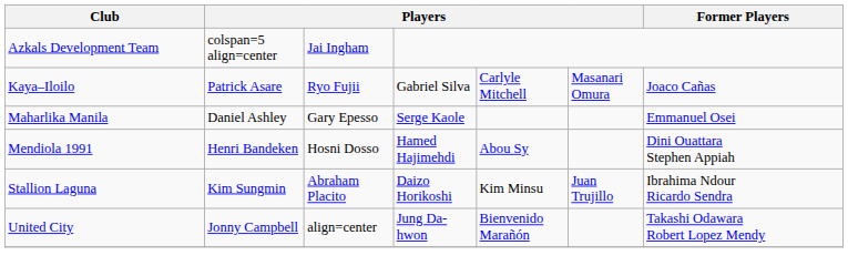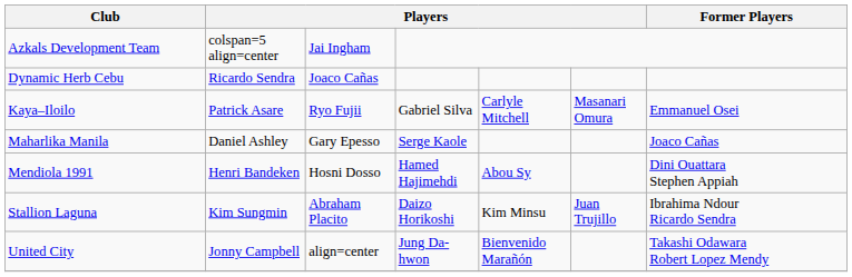 <table class="wikitable" style="font-size:90%;">
 <tr>
 <th style="width:200px;">Club</th>
 <th style="width:800px;" colspan=5>Players</th>
 <th style="width:200px;">Former Players</th>
 </tr>
 <tr>
 <td><a href='#'>Azkals Development Team</a></td>
 <td>colspan=5 align=center</td>
 <td> <a href='#'>Jai Ingham</a></td>
 </tr>
 <tr>
+<td><a href='#'>Dynamic Herb Cebu</a></td>
+<td> <a href='#'>Ricardo Sendra</a></td>
+<td> <a href='#'>Joaco Cañas</a></td>
+<td></td>
+<td></td>
+<td></td>
+<td></td>
+</tr>
+<tr>
 <td><a href='#'>Kaya–Iloilo</a></td>
 <td> <a href='#'>Patrick Asare</a></td>
 <td> <a href='#'>Ryo Fujii</a></td>
 <td> Gabriel Silva</td>
 <td> <a href='#'>Carlyle Mitchell</a></td>
 <td> <a href='#'>Masanari Omura</a></td>
-<td> <a href='#'>Joaco Cañas</a></td>
+<td> <a href='#'>Emmanuel Osei</a></td>
 </tr>
 <tr>
 <td><a href='#'>Maharlika Manila</a></td>
 <td> Daniel Ashley</td>
 <td> Gary Epesso</td>
 <td> <a href='#'>Serge Kaole</a></td>
 <td></td>
 <td></td>
-<td> <a href='#'>Emmanuel Osei</a></td>
+<td> <a href='#'>Joaco Cañas</a></td>
 </tr>
 <tr>
 <td><a href='#'>Mendiola 1991</a></td>
 <td> <a href='#'>Henri Bandeken</a></td>
 <td> Hosni Dosso</td>
 <td> <a href='#'>Hamed Hajimehdi</a></td>
 <td> <a href='#'>Abou Sy</a></td>
 <td></td>
 <td> <a href='#'>Dini Ouattara</a><br> Stephen Appiah</td>
 </tr>
 <tr>
 <td><a href='#'>Stallion Laguna</a></td>
 <td> <a href='#'>Kim Sungmin</a></td>
 <td> <a href='#'>Abraham Placito</a></td>
 <td> <a href='#'>Daizo Horikoshi</a></td>
 <td> Kim Minsu</td>
 <td> <a href='#'>Juan Trujillo</a></td>
 <td> Ibrahima Ndour<br> <a href='#'>Ricardo Sendra</a></td>
 </tr>
 <tr>
 <td><a href='#'>United City</a></td>
 <td> <a href='#'>Jonny Campbell</a></td>
 <td>align=center</td>
 <td> <a href='#'>Jung Da-hwon</a></td>
 <td> <a href='#'>Bienvenido Marañón</a></td>
 <td></td>
 <td> <a href='#'>Takashi Odawara</a><br> <a href='#'>Robert Lopez Mendy</a></td>
 </tr>
 <tr>
 </tr>
 </table>
